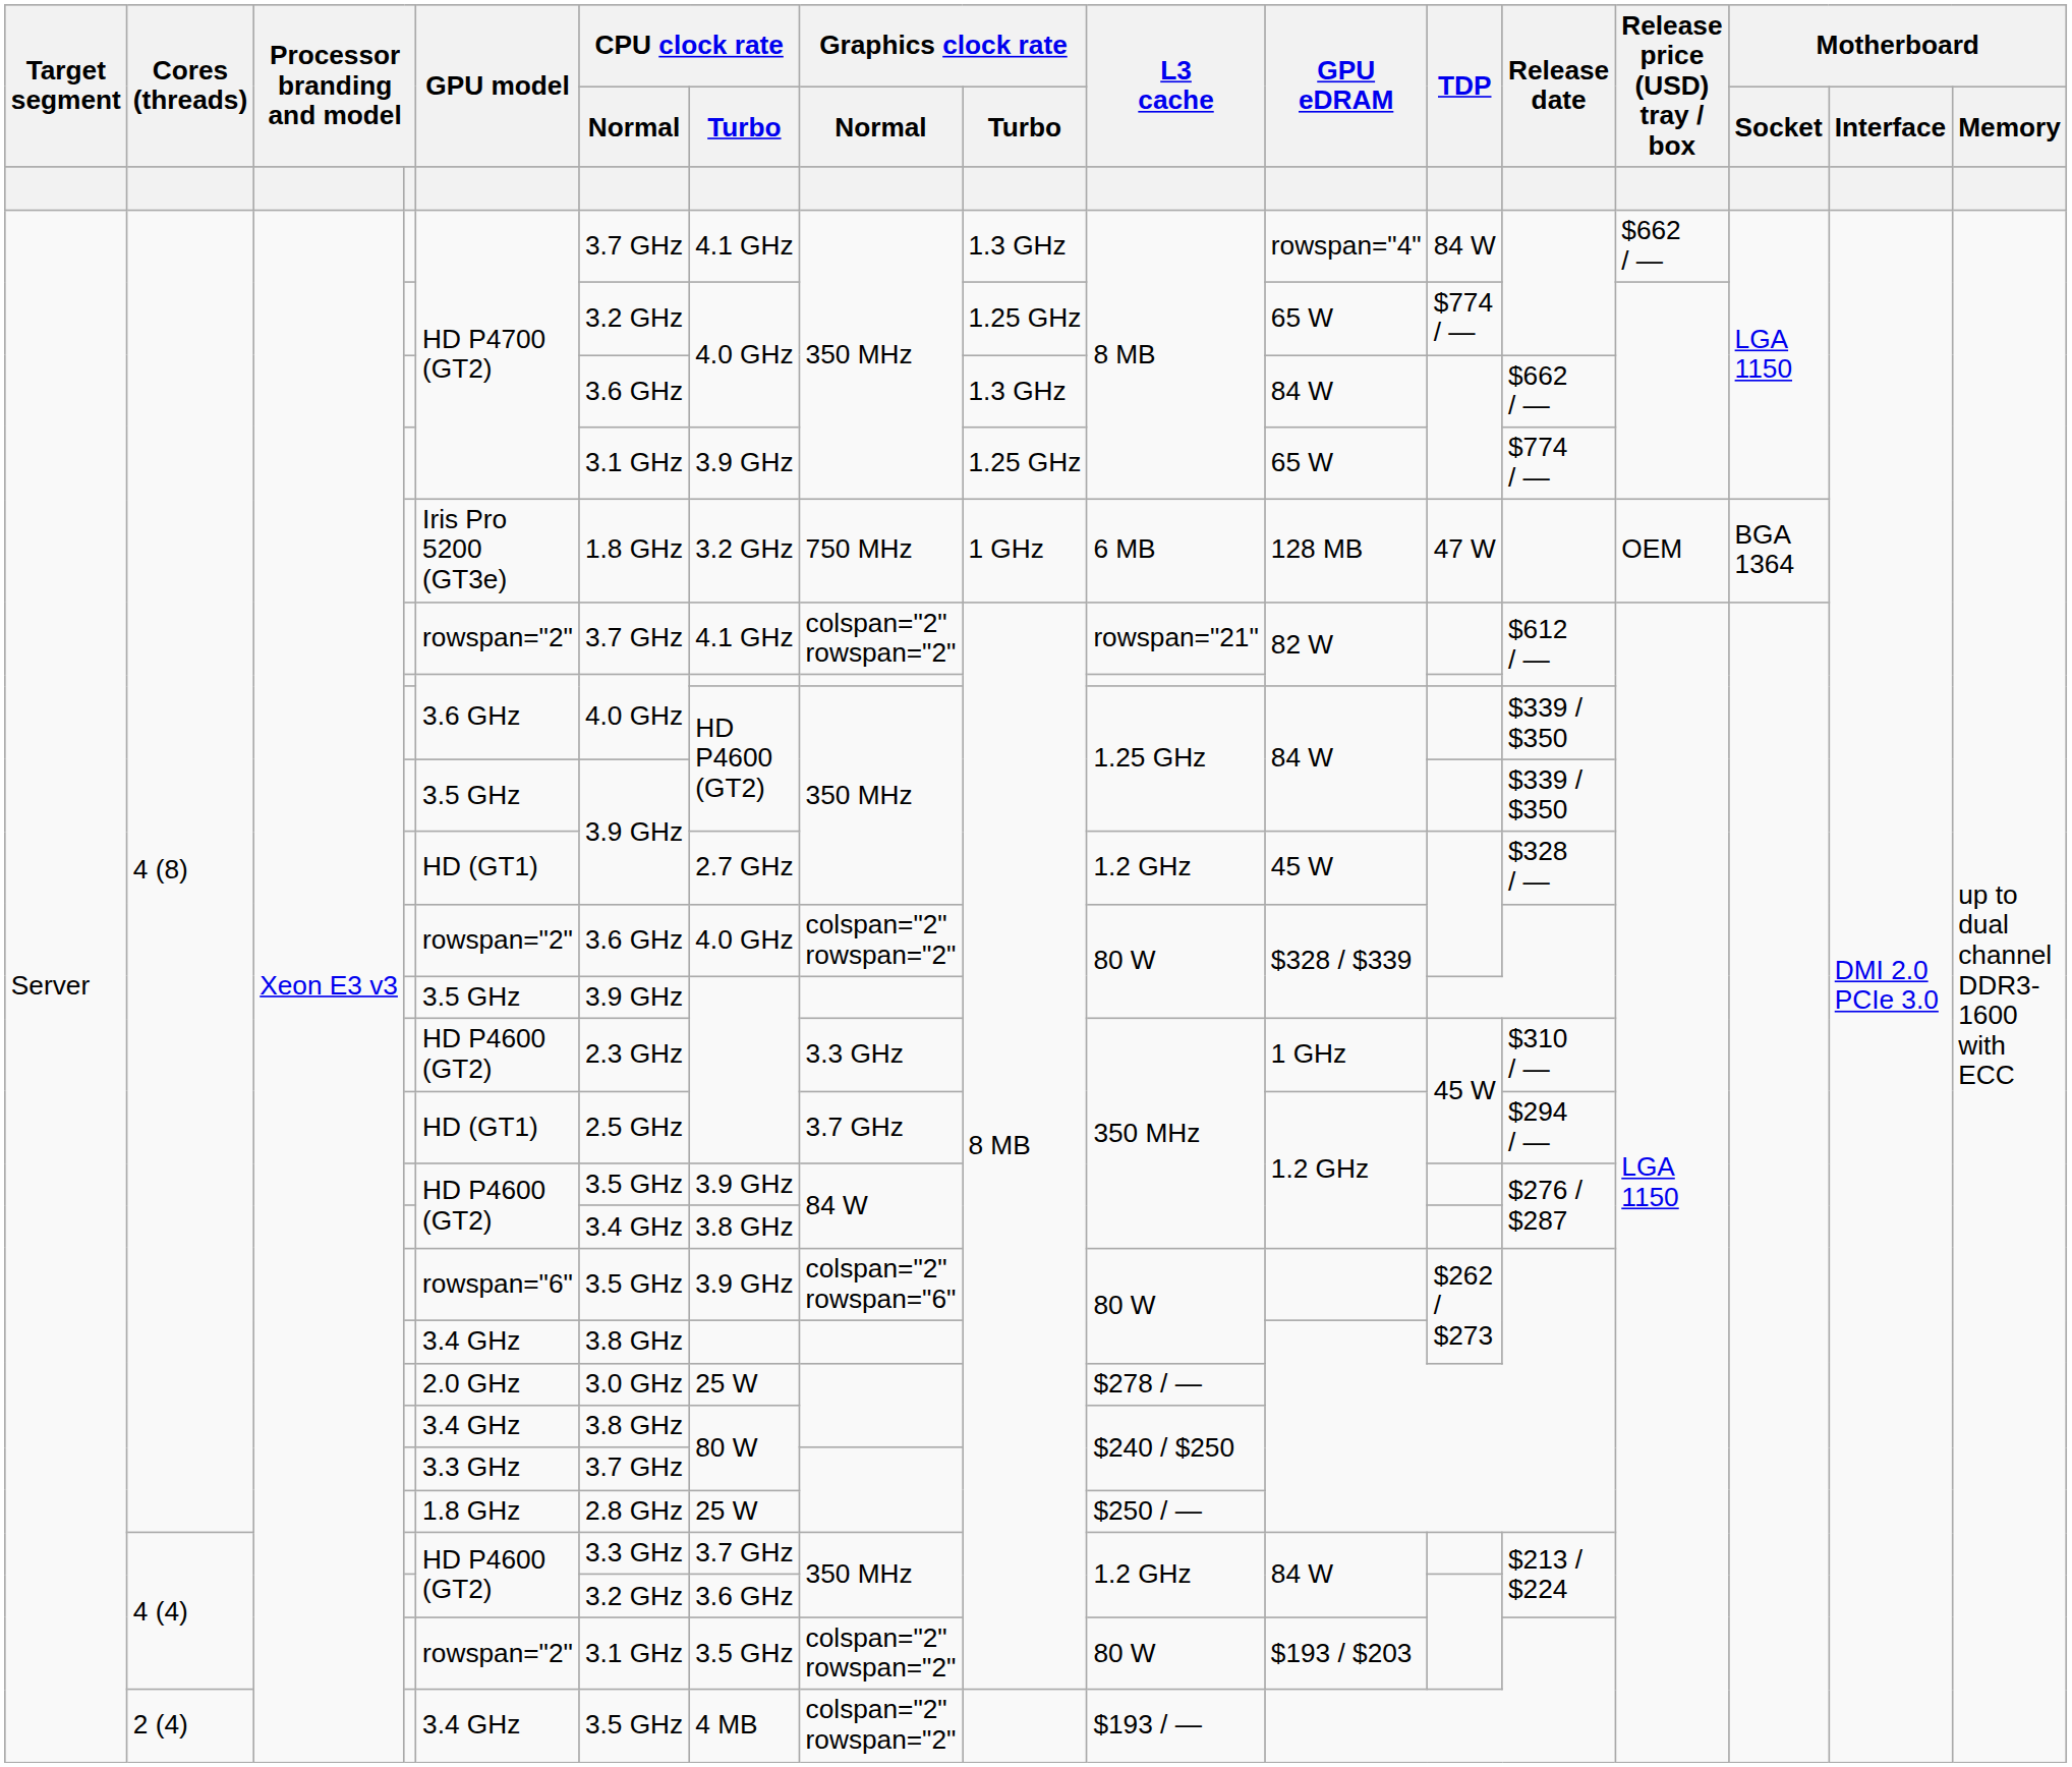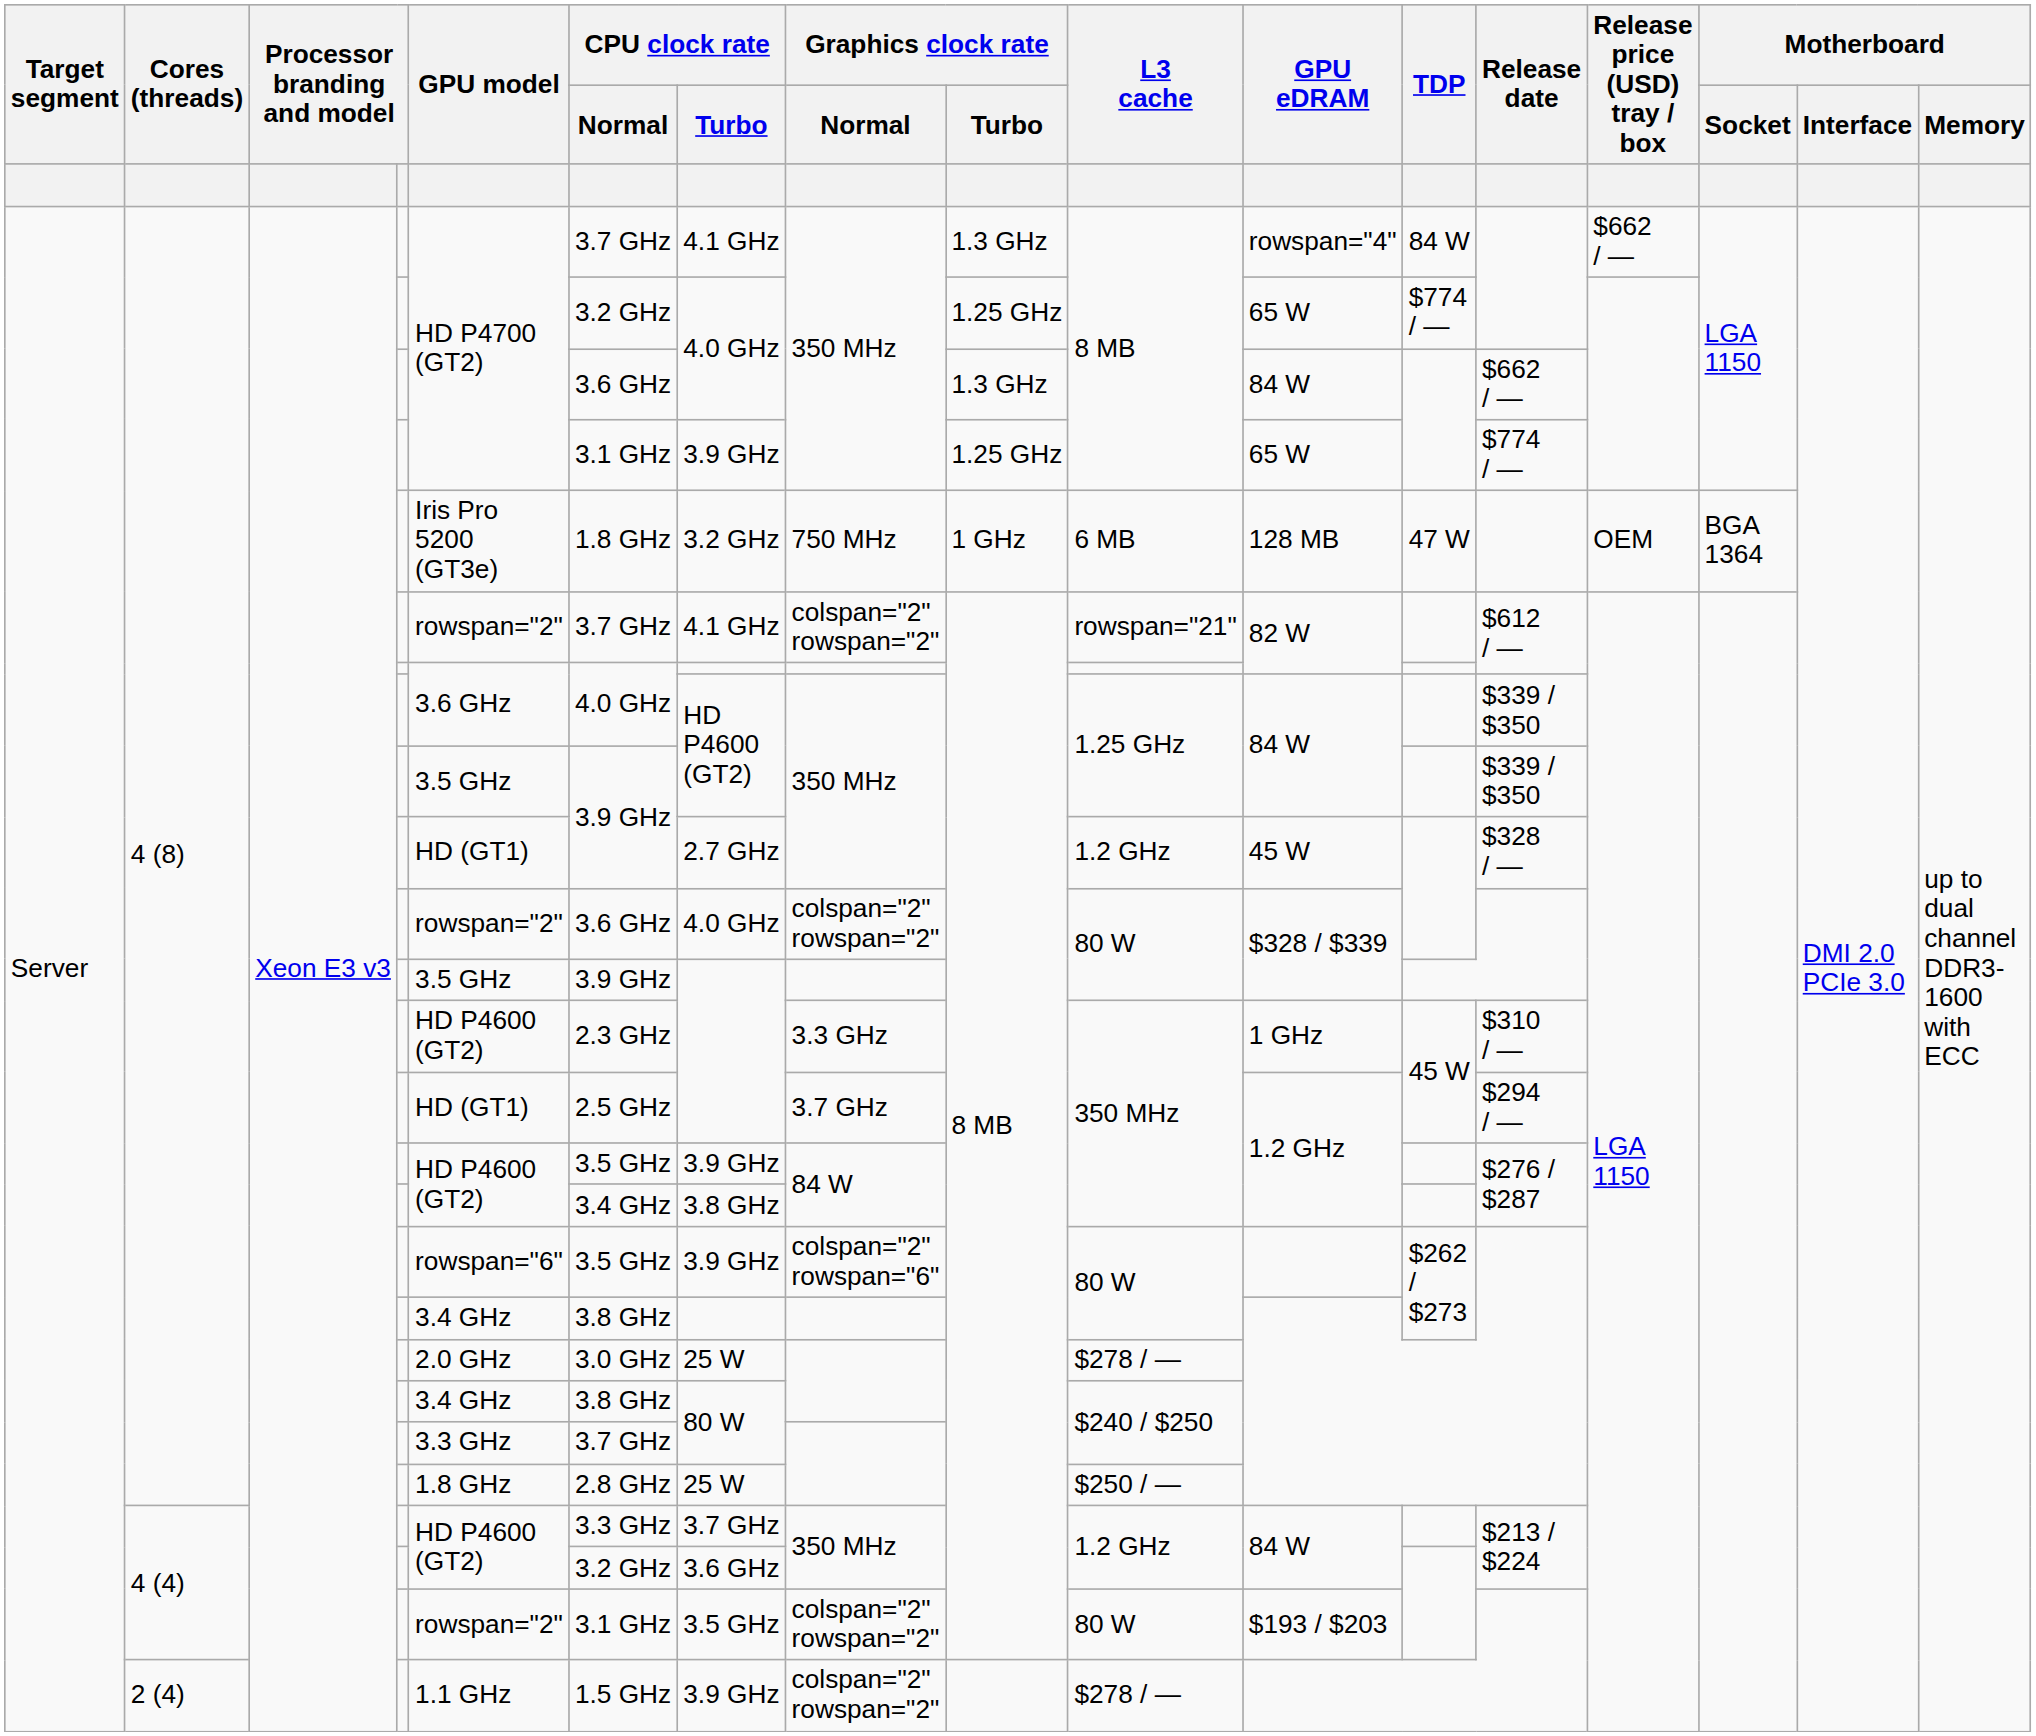 <table class="wikitable sortable hover-highlight">
 <tr>
 <th rowspan="2">Target<br>segment</th>
 <th rowspan="2">Cores<br>(threads)</th>
 <th colspan="2" rowspan="2">Processor<br>branding and model</th>
 <th rowspan="2">GPU model</th>
 <th colspan="2">CPU <a href='#'>clock rate</a></th>
 <th colspan="2">Graphics <a href='#'>clock rate</a></th>
 <th rowspan="2" data-sort-type="number"><a href='#'>L3<br>cache</a></th>
 <th rowspan="2"><a href='#'>GPU</a><br><a href='#'>eDRAM</a></th>
 <th rowspan="2" data-sort-type="number"><a href='#'>TDP</a></th>
 <th rowspan="2" class="unsortable">Release<br>date</th>
 <th rowspan="2">Release<br>price<br>(USD)<br>tray / box</th>
 <th colspan="3">Motherboard</th>
 </tr>
 <tr>
 <th>Normal</th>
 <th data-sort-type="number"><a href='#'>Turbo</a></th>
 <th>Normal</th>
 <th data-sort-type="number">Turbo</th>
 <th>Socket</th>
 <th>Interface</th>
 <th>Memory</th>
 </tr>
 <tr>
 <th style="background-position:center"><br></th>
 <th style="background-position:center"></th>
 <th style="background-position:center"></th>
 <th style="background-position:center"></th>
 <th style="background-position:center"></th>
 <th style="background-position:center"></th>
 <th style="background-position:center"></th>
 <th style="background-position:center"></th>
 <th style="background-position:center"></th>
 <th style="background-position:center"></th>
 <th style="background-position:center"></th>
 <th style="background-position:center"></th>
 <th style="background-position:center"></th>
 <th style="background-position:center"></th>
 <th style="background-position:center"></th>
 <th style="background-position:center"></th>
 <th style="background-position:center"></th>
 </tr>
 <tr>
 <td rowspan="26">Server</td>
 <td rowspan="22">4 (8)</td>
 <td rowspan="26"><a href='#'>Xeon&nbsp;E3&nbsp;v3</a></td>
 <td></td>
 <td rowspan="4">HD P4700 (GT2)</td>
 <td>3.7 GHz</td>
 <td>4.1 GHz</td>
 <td rowspan="4">350 MHz</td>
 <td>1.3 GHz</td>
 <td rowspan="4">8 MB</td>
 <td>rowspan="4" </td>
 <td>84 W</td>
 <td rowspan="2"></td>
 <td>$662 / —</td>
 <td rowspan="4"><a href='#'>LGA<br>1150</a></td>
 <td rowspan="26"><a href='#'>DMI 2.0</a><br><a href='#'>PCIe 3.0</a></td>
 <td rowspan="26">up to dual<br>channel<br>DDR3-1600<br>with ECC</td>
 </tr>
 <tr>
 <td></td>
 <td>3.2 GHz</td>
 <td rowspan="2">4.0 GHz</td>
 <td>1.25 GHz</td>
 <td>65 W</td>
 <td>$774 / —</td>
 </tr>
 <tr>
 <td></td>
 <td>3.6 GHz</td>
 <td>1.3 GHz</td>
 <td>84 W</td>
 <td rowspan="2"></td>
 <td>$662 / —</td>
 </tr>
 <tr>
 <td></td>
 <td>3.1 GHz</td>
 <td>3.9 GHz</td>
 <td>1.25 GHz</td>
 <td>65 W</td>
 <td>$774 / —</td>
 </tr>
 <tr>
 <td></td>
 <td>Iris Pro 5200 (GT3e)</td>
 <td>1.8 GHz</td>
 <td>3.2 GHz</td>
 <td>750 MHz</td>
 <td>1 GHz</td>
 <td>6 MB</td>
 <td>128 MB</td>
 <td>47 W</td>
 <td></td>
 <td>OEM</td>
 <td>BGA<br>1364</td>
 </tr>
 <tr>
 <td></td>
 <td>rowspan="2" </td>
 <td>3.7 GHz</td>
 <td>4.1 GHz</td>
 <td>colspan="2" rowspan="2" </td>
 <td rowspan="20">8 MB</td>
 <td>rowspan="21" </td>
 <td rowspan="2">82 W</td>
 <td></td>
 <td rowspan="2">$612 / —</td>
 <td rowspan="21"><a href='#'>LGA<br>1150</a></td>
 </tr>
 <tr>
 <td></td>
 <td rowspan="2">3.6 GHz</td>
 <td rowspan="2">4.0 GHz</td>
 <td></td>
 </tr>
 <tr>
 <td></td>
 <td rowspan="2">HD P4600 (GT2)</td>
 <td rowspan="3">350 MHz</td>
 <td rowspan="2">1.25 GHz</td>
 <td rowspan="2">84 W</td>
 <td></td>
 <td>$339 / $350</td>
 </tr>
 <tr>
 <td></td>
 <td>3.5 GHz</td>
 <td rowspan="2">3.9 GHz</td>
 <td></td>
 <td>$339 / $350</td>
 </tr>
 <tr>
 <td></td>
 <td>HD (GT1)</td>
 <td>2.7 GHz</td>
 <td>1.2 GHz</td>
 <td>45 W</td>
 <td rowspan="2"></td>
 <td>$328 / —</td>
 </tr>
 <tr>
 <td></td>
 <td>rowspan="2" </td>
 <td>3.6 GHz</td>
 <td>4.0 GHz</td>
 <td>colspan="2" rowspan="2" </td>
 <td rowspan="2">80 W</td>
 <td rowspan="2">$328 / $339</td>
 </tr>
 <tr>
 <td></td>
 <td>3.5 GHz</td>
 <td>3.9 GHz</td>
 <td rowspan="3"></td>
 </tr>
 <tr>
 <td></td>
 <td>HD P4600 (GT2)</td>
 <td>2.3 GHz</td>
 <td>3.3 GHz</td>
 <td rowspan="4">350 MHz</td>
 <td>1 GHz</td>
 <td rowspan="2">45 W</td>
 <td>$310 / —</td>
 </tr>
 <tr>
 <td></td>
 <td>HD (GT1)</td>
 <td>2.5 GHz</td>
 <td>3.7 GHz</td>
 <td rowspan="3">1.2 GHz</td>
 <td>$294 / —</td>
 </tr>
 <tr>
 <td></td>
 <td rowspan="2">HD P4600 (GT2)</td>
 <td>3.5 GHz</td>
 <td>3.9 GHz</td>
 <td rowspan="2">84 W</td>
 <td></td>
 <td rowspan="2">$276 / $287</td>
 </tr>
 <tr>
 <td></td>
 <td>3.4 GHz</td>
 <td>3.8 GHz</td>
 <td></td>
 </tr>
 <tr>
 <td></td>
 <td>rowspan="6" </td>
 <td>3.5 GHz</td>
 <td>3.9 GHz</td>
 <td>colspan="2" rowspan="6" </td>
 <td rowspan="2">80 W</td>
 <td></td>
 <td rowspan="2">$262 / $273</td>
 </tr>
 <tr>
 <td></td>
 <td>3.4 GHz</td>
 <td>3.8 GHz</td>
 <td></td>
 </tr>
 <tr>
 <td></td>
 <td>2.0 GHz</td>
 <td>3.0 GHz</td>
 <td>25 W</td>
 <td rowspan="2"></td>
 <td>$278 / —</td>
 </tr>
 <tr>
 <td></td>
 <td>3.4 GHz</td>
 <td>3.8 GHz</td>
 <td rowspan="2">80 W</td>
 <td rowspan="2">$240 / $250</td>
 </tr>
 <tr>
 <td></td>
 <td>3.3 GHz</td>
 <td>3.7 GHz</td>
 <td rowspan="2"></td>
 </tr>
 <tr>
 <td></td>
 <td>1.8 GHz</td>
 <td>2.8 GHz</td>
 <td>25 W</td>
 <td>$250 / —</td>
 </tr>
 <tr>
 <td rowspan="3">4 (4)</td>
 <td></td>
 <td rowspan="2">HD P4600 (GT2)</td>
 <td>3.3 GHz</td>
 <td>3.7 GHz</td>
 <td rowspan="2">350 MHz</td>
 <td rowspan="2">1.2 GHz</td>
 <td rowspan="2">84 W</td>
 <td></td>
 <td rowspan="2">$213 / $224</td>
 </tr>
 <tr>
 <td></td>
 <td>3.2 GHz</td>
 <td>3.6 GHz</td>
 <td rowspan="2"></td>
 </tr>
 <tr>
 <td></td>
 <td>rowspan="2" </td>
 <td>3.1 GHz</td>
 <td>3.5 GHz</td>
 <td>colspan="2" rowspan="2" </td>
 <td>80 W</td>
 <td>$193 / $203</td>
 </tr>
 <tr>
 <td>2 (4)</td>
 <td></td>
-<td>3.4 GHz</td>
-<td>3.5 GHz</td>
-<td>4 MB</td>
+<td>1.1 GHz</td>
+<td>1.5 GHz</td>
+<td>3.9 GHz</td>
 <td>colspan="2" rowspan="2" </td>
 <td></td>
-<td>$193 / —</td>
+<td>$278 / —</td>
 </tr>
 </table>
